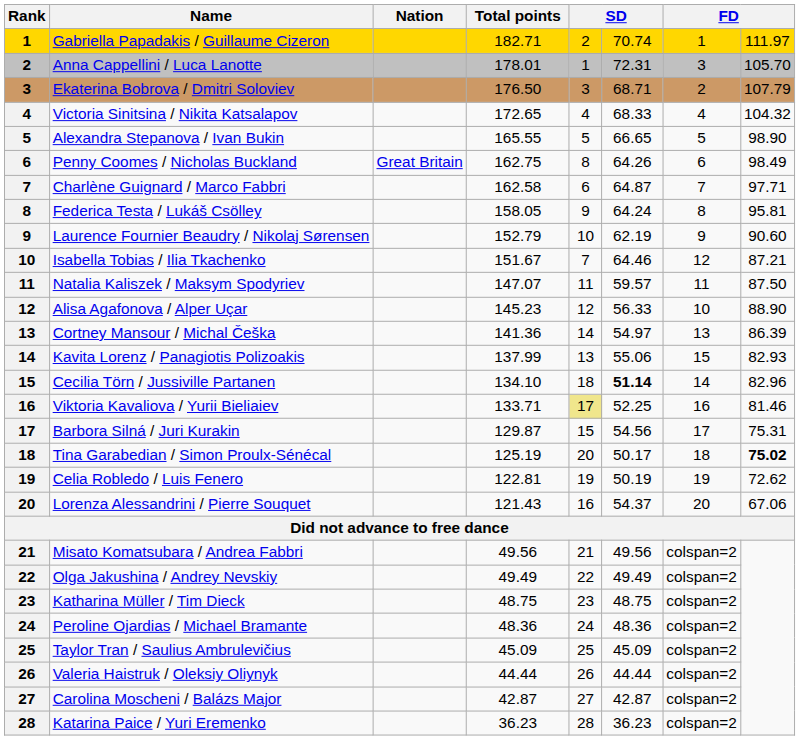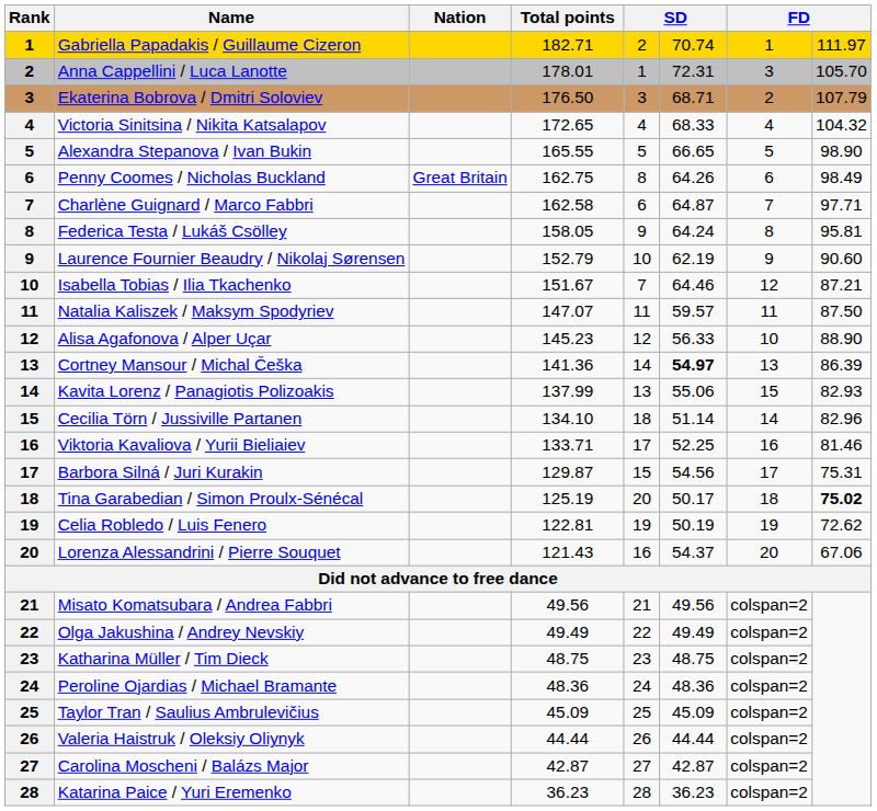 <table class="wikitable sortable">
 <tr>
 <th>Rank</th>
 <th>Name</th>
 <th>Nation</th>
 <th width="100px">Total points</th>
 <th colspan="2" width="90px"><a href='#'>SD</a></th>
 <th colspan="2" width="90px"><a href='#'>FD</a></th>
 </tr>
 <tr bgcolor="gold">
 <td align="center" bgcolor="gold"><strong>1</strong></td>
 <td><a href='#'>Gabriella Papadakis</a> / <a href='#'>Guillaume Cizeron</a></td>
 <td></td>
 <td align="center">182.71</td>
 <td align="center">2</td>
 <td align="center">70.74</td>
 <td align="center">1</td>
 <td align="center">111.97</td>
 </tr>
 <tr bgcolor="silver">
 <td align="center" bgcolor="silver"><strong>2</strong></td>
 <td><a href='#'>Anna Cappellini</a> / <a href='#'>Luca Lanotte</a></td>
 <td></td>
 <td align="center">178.01</td>
 <td align="center">1</td>
 <td align="center">72.31</td>
 <td align="center">3</td>
 <td align="center">105.70</td>
 </tr>
 <tr bgcolor="#cc9966">
 <td align="center" bgcolor="#cc9966"><strong>3</strong></td>
 <td><a href='#'>Ekaterina Bobrova</a> / <a href='#'>Dmitri Soloviev</a></td>
 <td></td>
 <td align="center">176.50</td>
 <td align="center">3</td>
 <td align="center">68.71</td>
 <td align="center">2</td>
 <td align="center">107.79</td>
 </tr>
 <tr>
 <th>4</th>
 <td><a href='#'>Victoria Sinitsina</a> / <a href='#'>Nikita Katsalapov</a></td>
 <td></td>
 <td align="center">172.65</td>
 <td align="center">4</td>
 <td align="center">68.33</td>
 <td align="center">4</td>
 <td align="center">104.32</td>
 </tr>
 <tr>
 <th>5</th>
 <td><a href='#'>Alexandra Stepanova</a> / <a href='#'>Ivan Bukin</a></td>
 <td></td>
 <td align="center">165.55</td>
 <td align="center">5</td>
 <td align="center">66.65</td>
 <td align="center">5</td>
 <td align="center">98.90</td>
 </tr>
 <tr>
 <th>6</th>
 <td><a href='#'>Penny Coomes</a> / <a href='#'>Nicholas Buckland</a></td>
 <td> <a href='#'>Great Britain</a></td>
 <td align="center">162.75</td>
 <td align="center">8</td>
 <td align="center">64.26</td>
 <td align="center">6</td>
 <td align="center">98.49</td>
 </tr>
 <tr>
 <th>7</th>
 <td><a href='#'>Charlène Guignard</a> / <a href='#'>Marco Fabbri</a></td>
 <td></td>
 <td align="center">162.58</td>
 <td align="center">6</td>
 <td align="center">64.87</td>
 <td align="center">7</td>
 <td align="center">97.71</td>
 </tr>
 <tr>
 <th>8</th>
 <td><a href='#'>Federica Testa</a> / <a href='#'>Lukáš Csölley</a></td>
 <td></td>
 <td align="center">158.05</td>
 <td align="center">9</td>
 <td align="center">64.24</td>
 <td align="center">8</td>
 <td align="center">95.81</td>
 </tr>
 <tr>
 <th>9</th>
 <td><a href='#'>Laurence Fournier Beaudry</a> / <a href='#'>Nikolaj Sørensen</a></td>
 <td></td>
 <td align="center">152.79</td>
 <td align="center">10</td>
 <td align="center">62.19</td>
 <td align="center">9</td>
 <td align="center">90.60</td>
 </tr>
 <tr>
 <th>10</th>
 <td><a href='#'>Isabella Tobias</a> / <a href='#'>Ilia Tkachenko</a></td>
 <td></td>
 <td align="center">151.67</td>
 <td align="center">7</td>
 <td align="center">64.46</td>
 <td align="center">12</td>
 <td align="center">87.21</td>
 </tr>
 <tr>
 <th>11</th>
 <td><a href='#'>Natalia Kaliszek</a> / <a href='#'>Maksym Spodyriev</a></td>
 <td></td>
 <td align="center">147.07</td>
 <td align="center">11</td>
 <td align="center">59.57</td>
 <td align="center">11</td>
 <td align="center">87.50</td>
 </tr>
 <tr>
 <th>12</th>
 <td><a href='#'>Alisa Agafonova</a> / <a href='#'>Alper Uçar</a></td>
 <td></td>
 <td align="center">145.23</td>
 <td align="center">12</td>
 <td align="center">56.33</td>
 <td align="center">10</td>
 <td align="center">88.90</td>
 </tr>
 <tr>
 <th>13</th>
 <td><a href='#'>Cortney Mansour</a> / <a href='#'>Michal Češka</a></td>
 <td></td>
 <td align="center">141.36</td>
 <td align="center">14</td>
-<td align="center">54.97</td>
+<td align="center"><strong>54.97</strong></td>
 <td align="center">13</td>
 <td align="center">86.39</td>
 </tr>
 <tr>
 <th>14</th>
 <td><a href='#'>Kavita Lorenz</a> / <a href='#'>Panagiotis Polizoakis</a></td>
 <td></td>
 <td align="center">137.99</td>
 <td align="center">13</td>
 <td align="center">55.06</td>
 <td align="center">15</td>
 <td align="center">82.93</td>
 </tr>
 <tr>
 <th>15</th>
 <td><a href='#'>Cecilia Törn</a> / <a href='#'>Jussiville Partanen</a></td>
 <td></td>
 <td align="center">134.10</td>
 <td align="center">18</td>
-<td align="center"><strong>51.14</strong></td>
+<td align="center">51.14</td>
 <td align="center">14</td>
 <td align="center">82.96</td>
 </tr>
 <tr>
 <th>16</th>
 <td><a href='#'>Viktoria Kavaliova</a> / <a href='#'>Yurii Bieliaiev</a></td>
 <td></td>
 <td align="center">133.71</td>
-<td align="center" style="background: khaki;">17</td>
+<td align="center">17</td>
 <td align="center">52.25</td>
 <td align="center">16</td>
 <td align="center">81.46</td>
 </tr>
 <tr>
 <th>17</th>
 <td><a href='#'>Barbora Silná</a> / <a href='#'>Juri Kurakin</a></td>
 <td></td>
 <td align="center">129.87</td>
 <td align="center">15</td>
 <td align="center">54.56</td>
 <td align="center">17</td>
 <td align="center">75.31</td>
 </tr>
 <tr>
 <th>18</th>
 <td><a href='#'>Tina Garabedian</a> / <a href='#'>Simon Proulx-Sénécal</a></td>
 <td></td>
 <td align="center">125.19</td>
 <td align="center">20</td>
 <td align="center">50.17</td>
 <td align="center">18</td>
 <td align="center"><strong>75.02</strong></td>
 </tr>
 <tr>
 <th>19</th>
 <td><a href='#'>Celia Robledo</a> / <a href='#'>Luis Fenero</a></td>
 <td></td>
 <td align="center">122.81</td>
 <td align="center">19</td>
 <td align="center">50.19</td>
 <td align="center">19</td>
 <td align="center">72.62</td>
 </tr>
 <tr>
 <th>20</th>
 <td><a href='#'>Lorenza Alessandrini</a> / <a href='#'>Pierre Souquet</a></td>
 <td></td>
 <td align="center">121.43</td>
 <td align="center">16</td>
 <td align="center">54.37</td>
 <td align="center">20</td>
 <td align="center">67.06</td>
 </tr>
 <tr>
 <th colspan=8>Did not advance to free dance</th>
 </tr>
 <tr>
 <th>21</th>
 <td><a href='#'>Misato Komatsubara</a> / <a href='#'>Andrea Fabbri</a></td>
 <td></td>
 <td align="center">49.56</td>
 <td align="center">21</td>
 <td align="center">49.56</td>
 <td>colspan=2 </td>
 </tr>
 <tr>
 <th>22</th>
 <td><a href='#'>Olga Jakushina</a> / <a href='#'>Andrey Nevskiy</a></td>
 <td></td>
 <td align="center">49.49</td>
 <td align="center">22</td>
 <td align="center">49.49</td>
 <td>colspan=2 </td>
 </tr>
 <tr>
 <th>23</th>
 <td><a href='#'>Katharina Müller</a> / <a href='#'>Tim Dieck</a></td>
 <td></td>
 <td align="center">48.75</td>
 <td align="center">23</td>
 <td align="center">48.75</td>
 <td>colspan=2 </td>
 </tr>
 <tr>
 <th>24</th>
 <td><a href='#'>Peroline Ojardias</a> / <a href='#'>Michael Bramante</a></td>
 <td></td>
 <td align="center">48.36</td>
 <td align="center">24</td>
 <td align="center">48.36</td>
 <td>colspan=2 </td>
 </tr>
 <tr>
 <th>25</th>
 <td><a href='#'>Taylor Tran</a> / <a href='#'>Saulius Ambrulevičius</a></td>
 <td></td>
 <td align="center">45.09</td>
 <td align="center">25</td>
 <td align="center">45.09</td>
 <td>colspan=2 </td>
 </tr>
 <tr>
 <th>26</th>
 <td><a href='#'>Valeria Haistruk</a> / <a href='#'>Oleksiy Oliynyk</a></td>
 <td></td>
 <td align="center">44.44</td>
 <td align="center">26</td>
 <td align="center">44.44</td>
 <td>colspan=2 </td>
 </tr>
 <tr>
 <th>27</th>
 <td><a href='#'>Carolina Moscheni</a> / <a href='#'>Balázs Major</a></td>
 <td></td>
 <td align="center">42.87</td>
 <td align="center">27</td>
 <td align="center">42.87</td>
 <td>colspan=2 </td>
 </tr>
 <tr>
 <th>28</th>
 <td><a href='#'>Katarina Paice</a> / <a href='#'>Yuri Eremenko</a></td>
 <td></td>
 <td align="center">36.23</td>
 <td align="center">28</td>
 <td align="center">36.23</td>
 <td>colspan=2 </td>
 </tr>
 </table>
